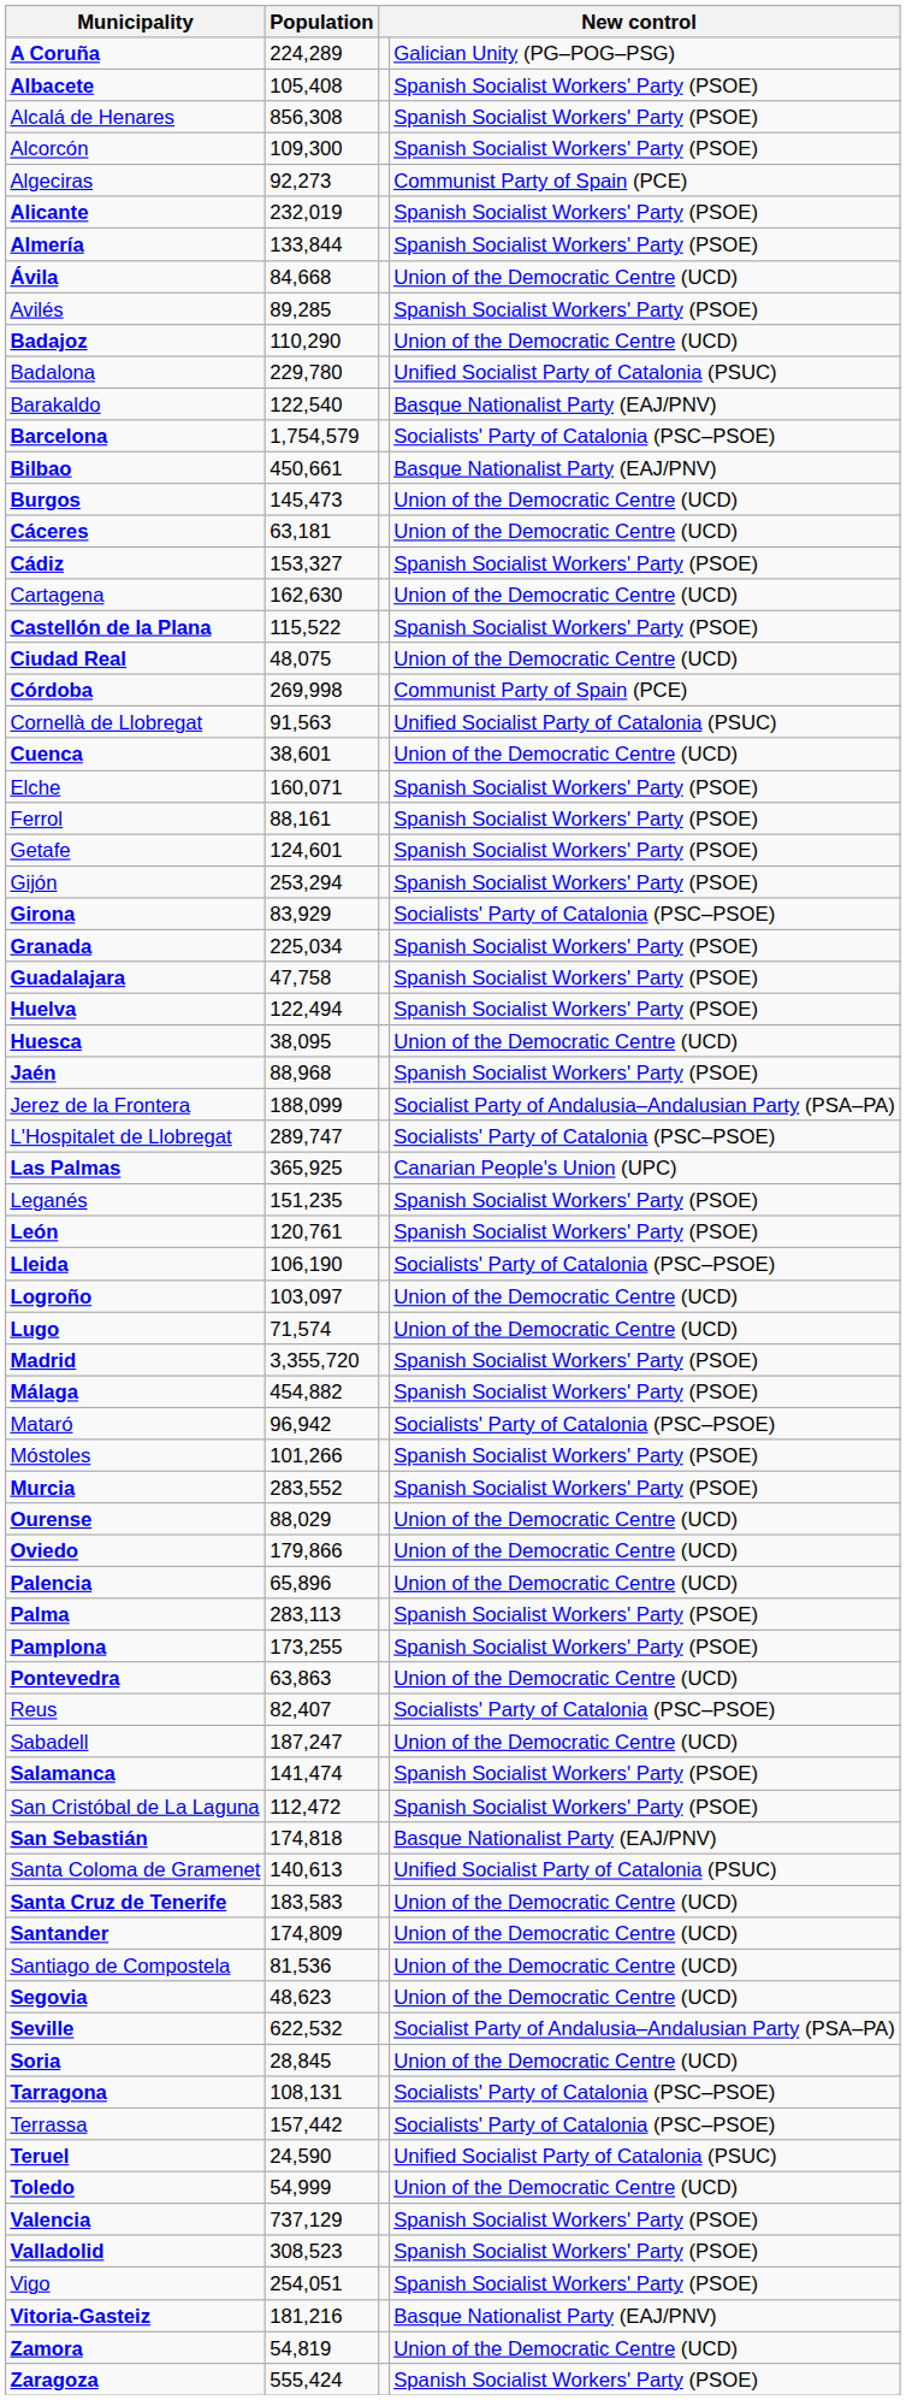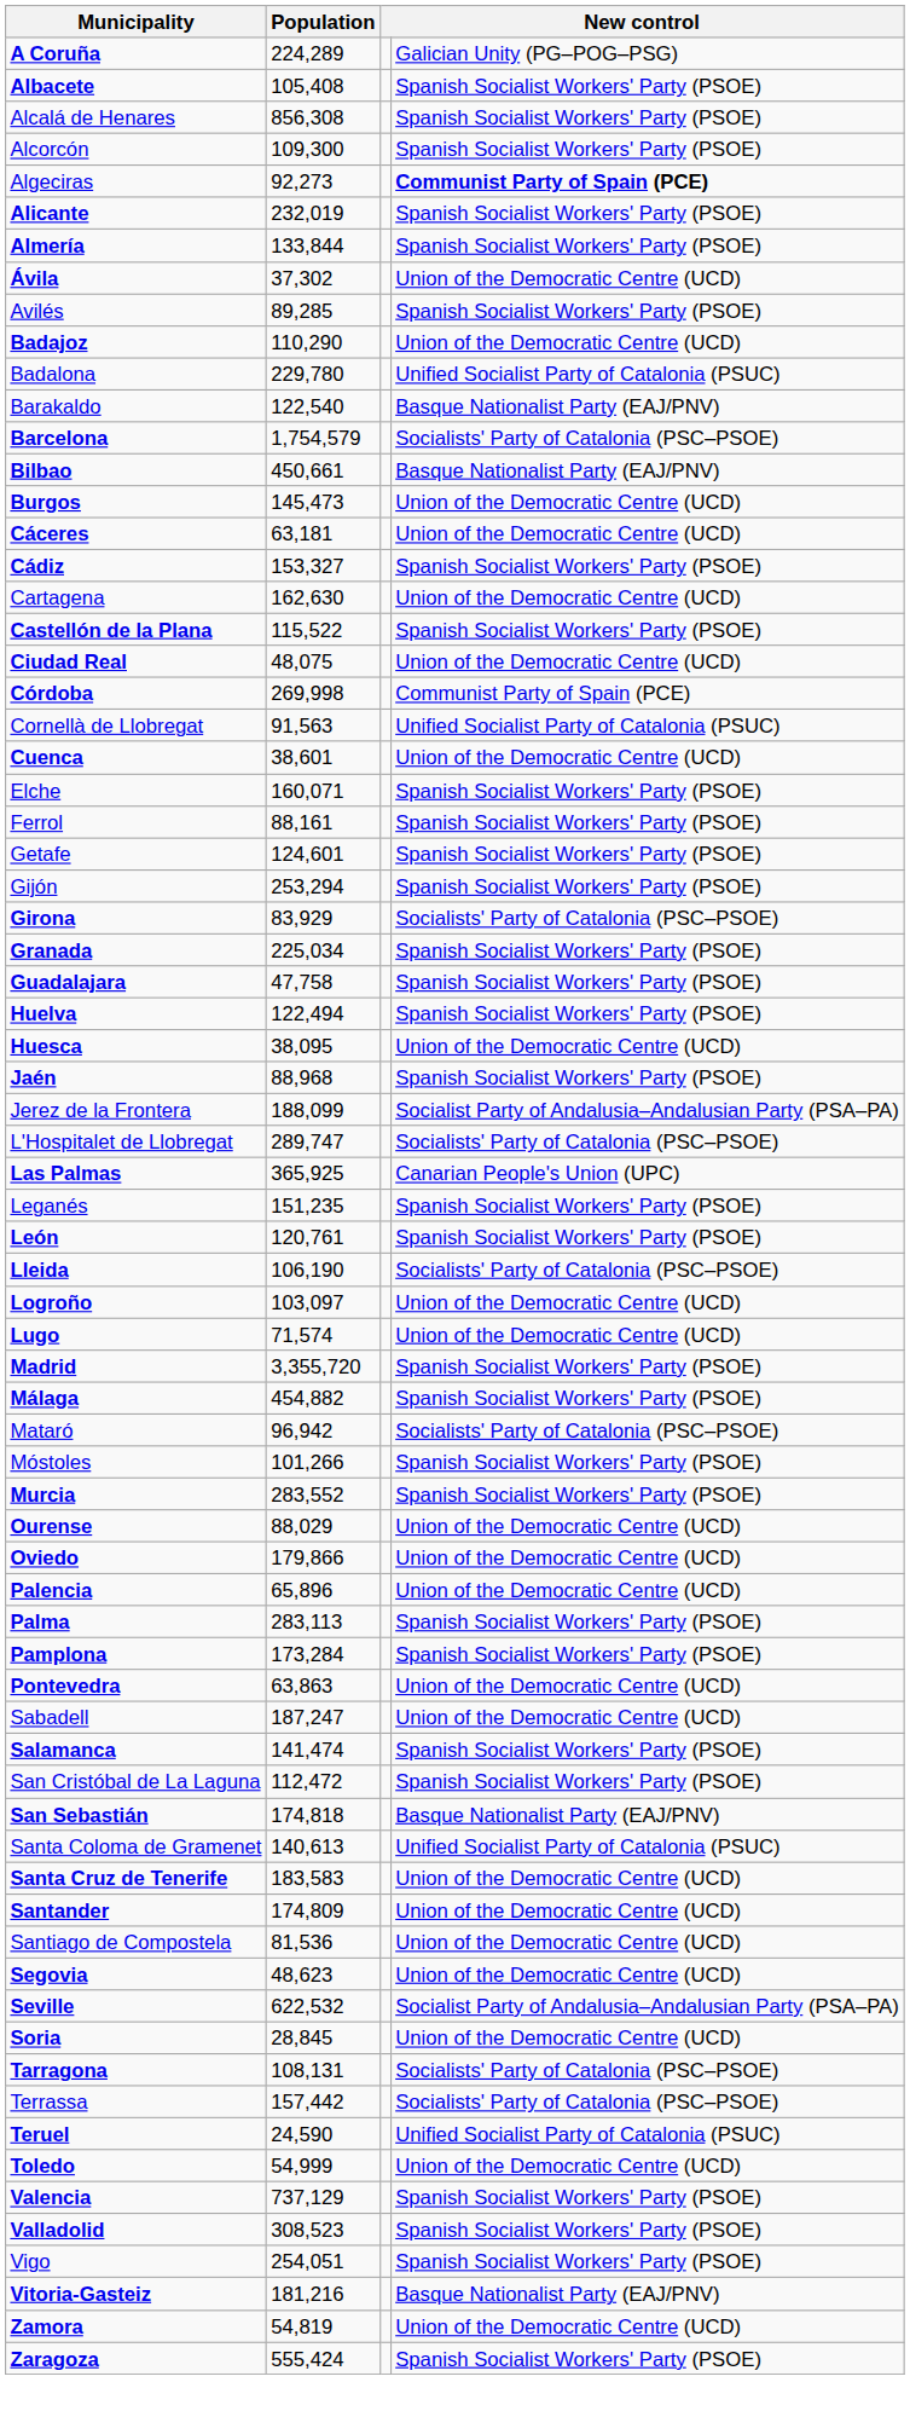 <table class="wikitable sortable" style="font-size:95%;">
 <tr>
 <th>Municipality</th>
 <th>Population</th>
 <th colspan="2" style="width:375px;">New control</th>
 </tr>
 <tr>
 <td><strong><a href='#'>A Coruña</a></strong></td>
 <td>224,289</td>
 <td width="1" style="color:inherit;background:"></td>
 <td><a href='#'>Galician Unity</a> (PG–POG–PSG) </td>
 </tr>
 <tr>
 <td><strong><a href='#'>Albacete</a></strong></td>
 <td>105,408</td>
 <td style="color:inherit;background:"></td>
 <td><a href='#'>Spanish Socialist Workers' Party</a> (PSOE)</td>
 </tr>
 <tr>
 <td><a href='#'>Alcalá de Henares</a></td>
 <td>856,308</td>
 <td style="color:inherit;background:"></td>
 <td><a href='#'>Spanish Socialist Workers' Party</a> (PSOE)</td>
 </tr>
 <tr>
 <td><a href='#'>Alcorcón</a></td>
 <td>109,300</td>
 <td style="color:inherit;background:"></td>
 <td><a href='#'>Spanish Socialist Workers' Party</a> (PSOE)</td>
 </tr>
 <tr>
 <td><a href='#'>Algeciras</a></td>
 <td>92,273</td>
 <td style="color:inherit;background:"></td>
-<td><a href='#'>Communist Party of Spain</a> (PCE)</td>
+<td><strong><a href='#'>Communist Party of Spain</a> (PCE)</strong></td>
 </tr>
 <tr>
 <td><strong><a href='#'>Alicante</a></strong></td>
 <td>232,019</td>
 <td style="color:inherit;background:"></td>
 <td><a href='#'>Spanish Socialist Workers' Party</a> (PSOE)</td>
 </tr>
 <tr>
 <td><strong><a href='#'>Almería</a></strong></td>
 <td>133,844</td>
 <td style="color:inherit;background:"></td>
 <td><a href='#'>Spanish Socialist Workers' Party</a> (PSOE)</td>
 </tr>
 <tr>
 <td><strong><a href='#'>Ávila</a></strong></td>
-<td>84,668</td>
+<td>37,302</td>
 <td style="color:inherit;background:"></td>
 <td><a href='#'>Union of the Democratic Centre</a> (UCD)</td>
 </tr>
 <tr>
 <td><a href='#'>Avilés</a></td>
 <td>89,285</td>
 <td style="color:inherit;background:"></td>
 <td><a href='#'>Spanish Socialist Workers' Party</a> (PSOE)</td>
 </tr>
 <tr>
 <td><strong><a href='#'>Badajoz</a></strong></td>
 <td>110,290</td>
 <td style="color:inherit;background:"></td>
 <td><a href='#'>Union of the Democratic Centre</a> (UCD)</td>
 </tr>
 <tr>
 <td><a href='#'>Badalona</a></td>
 <td>229,780</td>
 <td style="color:inherit;background:"></td>
 <td><a href='#'>Unified Socialist Party of Catalonia</a> (PSUC)</td>
 </tr>
 <tr>
 <td><a href='#'>Barakaldo</a></td>
 <td>122,540</td>
 <td style="color:inherit;background:"></td>
 <td><a href='#'>Basque Nationalist Party</a> (EAJ/PNV)</td>
 </tr>
 <tr>
 <td><strong><a href='#'>Barcelona</a></strong></td>
 <td>1,754,579</td>
 <td style="color:inherit;background:"></td>
 <td><a href='#'>Socialists' Party of Catalonia</a> (PSC–PSOE)</td>
 </tr>
 <tr>
 <td><strong><a href='#'>Bilbao</a></strong></td>
 <td>450,661</td>
 <td style="color:inherit;background:"></td>
 <td><a href='#'>Basque Nationalist Party</a> (EAJ/PNV)</td>
 </tr>
 <tr>
 <td><strong><a href='#'>Burgos</a></strong></td>
 <td>145,473</td>
 <td style="color:inherit;background:"></td>
 <td><a href='#'>Union of the Democratic Centre</a> (UCD)</td>
 </tr>
 <tr>
 <td><strong><a href='#'>Cáceres</a></strong></td>
 <td>63,181</td>
 <td style="color:inherit;background:"></td>
 <td><a href='#'>Union of the Democratic Centre</a> (UCD)</td>
 </tr>
 <tr>
 <td><strong><a href='#'>Cádiz</a></strong></td>
 <td>153,327</td>
 <td style="color:inherit;background:"></td>
 <td><a href='#'>Spanish Socialist Workers' Party</a> (PSOE)</td>
 </tr>
 <tr>
 <td><a href='#'>Cartagena</a></td>
 <td>162,630</td>
 <td style="color:inherit;background:"></td>
 <td><a href='#'>Union of the Democratic Centre</a> (UCD)</td>
 </tr>
 <tr>
 <td><strong><a href='#'>Castellón de la Plana</a></strong></td>
 <td>115,522</td>
 <td style="color:inherit;background:"></td>
 <td><a href='#'>Spanish Socialist Workers' Party</a> (PSOE)</td>
 </tr>
 <tr>
 <td><strong><a href='#'>Ciudad Real</a></strong></td>
 <td>48,075</td>
 <td style="color:inherit;background:"></td>
 <td><a href='#'>Union of the Democratic Centre</a> (UCD)</td>
 </tr>
 <tr>
 <td><strong><a href='#'>Córdoba</a></strong></td>
 <td>269,998</td>
 <td style="color:inherit;background:"></td>
 <td><a href='#'>Communist Party of Spain</a> (PCE)</td>
 </tr>
 <tr>
 <td><a href='#'>Cornellà de Llobregat</a></td>
 <td>91,563</td>
 <td style="color:inherit;background:"></td>
 <td><a href='#'>Unified Socialist Party of Catalonia</a> (PSUC)</td>
 </tr>
 <tr>
 <td><strong><a href='#'>Cuenca</a></strong></td>
 <td>38,601</td>
 <td style="color:inherit;background:"></td>
 <td><a href='#'>Union of the Democratic Centre</a> (UCD)</td>
 </tr>
 <tr>
 <td><a href='#'>Elche</a></td>
 <td>160,071</td>
 <td style="color:inherit;background:"></td>
 <td><a href='#'>Spanish Socialist Workers' Party</a> (PSOE)</td>
 </tr>
 <tr>
 <td><a href='#'>Ferrol</a></td>
 <td>88,161</td>
 <td style="color:inherit;background:"></td>
 <td><a href='#'>Spanish Socialist Workers' Party</a> (PSOE)</td>
 </tr>
 <tr>
 <td><a href='#'>Getafe</a></td>
 <td>124,601</td>
 <td style="color:inherit;background:"></td>
 <td><a href='#'>Spanish Socialist Workers' Party</a> (PSOE)</td>
 </tr>
 <tr>
 <td><a href='#'>Gijón</a></td>
 <td>253,294</td>
 <td style="color:inherit;background:"></td>
 <td><a href='#'>Spanish Socialist Workers' Party</a> (PSOE)</td>
 </tr>
 <tr>
 <td><strong><a href='#'>Girona</a></strong></td>
 <td>83,929</td>
 <td style="color:inherit;background:"></td>
 <td><a href='#'>Socialists' Party of Catalonia</a> (PSC–PSOE)</td>
 </tr>
 <tr>
 <td><strong><a href='#'>Granada</a></strong></td>
 <td>225,034</td>
 <td style="color:inherit;background:"></td>
 <td><a href='#'>Spanish Socialist Workers' Party</a> (PSOE)</td>
 </tr>
 <tr>
 <td><strong><a href='#'>Guadalajara</a></strong></td>
 <td>47,758</td>
 <td style="color:inherit;background:"></td>
 <td><a href='#'>Spanish Socialist Workers' Party</a> (PSOE)</td>
 </tr>
 <tr>
 <td><strong><a href='#'>Huelva</a></strong></td>
 <td>122,494</td>
 <td style="color:inherit;background:"></td>
 <td><a href='#'>Spanish Socialist Workers' Party</a> (PSOE)</td>
 </tr>
 <tr>
 <td><strong><a href='#'>Huesca</a></strong></td>
 <td>38,095</td>
 <td style="color:inherit;background:"></td>
 <td><a href='#'>Union of the Democratic Centre</a> (UCD)</td>
 </tr>
 <tr>
 <td><strong><a href='#'>Jaén</a></strong></td>
 <td>88,968</td>
 <td style="color:inherit;background:"></td>
 <td><a href='#'>Spanish Socialist Workers' Party</a> (PSOE)</td>
 </tr>
 <tr>
 <td><a href='#'>Jerez de la Frontera</a></td>
 <td>188,099</td>
 <td style="color:inherit;background:"></td>
 <td><a href='#'>Socialist Party of Andalusia–Andalusian Party</a> (PSA–PA)</td>
 </tr>
 <tr>
 <td><a href='#'>L'Hospitalet de Llobregat</a></td>
 <td>289,747</td>
 <td style="color:inherit;background:"></td>
 <td><a href='#'>Socialists' Party of Catalonia</a> (PSC–PSOE)</td>
 </tr>
 <tr>
 <td><strong><a href='#'>Las Palmas</a></strong></td>
 <td>365,925</td>
 <td style="color:inherit;background:"></td>
 <td><a href='#'>Canarian People's Union</a> (UPC) </td>
 </tr>
 <tr>
 <td><a href='#'>Leganés</a></td>
 <td>151,235</td>
 <td style="color:inherit;background:"></td>
 <td><a href='#'>Spanish Socialist Workers' Party</a> (PSOE)</td>
 </tr>
 <tr>
 <td><strong><a href='#'>León</a></strong></td>
 <td>120,761</td>
 <td style="color:inherit;background:"></td>
 <td><a href='#'>Spanish Socialist Workers' Party</a> (PSOE) </td>
 </tr>
 <tr>
 <td><strong><a href='#'>Lleida</a></strong></td>
 <td>106,190</td>
 <td style="color:inherit;background:"></td>
 <td><a href='#'>Socialists' Party of Catalonia</a> (PSC–PSOE)</td>
 </tr>
 <tr>
 <td><strong><a href='#'>Logroño</a></strong></td>
 <td>103,097</td>
 <td style="color:inherit;background:"></td>
 <td><a href='#'>Union of the Democratic Centre</a> (UCD)</td>
 </tr>
 <tr>
 <td><strong><a href='#'>Lugo</a></strong></td>
 <td>71,574</td>
 <td style="color:inherit;background:"></td>
 <td><a href='#'>Union of the Democratic Centre</a> (UCD)</td>
 </tr>
 <tr>
 <td><strong><a href='#'>Madrid</a></strong></td>
 <td>3,355,720</td>
 <td style="color:inherit;background:"></td>
 <td><a href='#'>Spanish Socialist Workers' Party</a> (PSOE)</td>
 </tr>
 <tr>
 <td><strong><a href='#'>Málaga</a></strong></td>
 <td>454,882</td>
 <td style="color:inherit;background:"></td>
 <td><a href='#'>Spanish Socialist Workers' Party</a> (PSOE)</td>
 </tr>
 <tr>
 <td><a href='#'>Mataró</a></td>
 <td>96,942</td>
 <td style="color:inherit;background:"></td>
 <td><a href='#'>Socialists' Party of Catalonia</a> (PSC–PSOE)</td>
 </tr>
 <tr>
 <td><a href='#'>Móstoles</a></td>
 <td>101,266</td>
 <td style="color:inherit;background:"></td>
 <td><a href='#'>Spanish Socialist Workers' Party</a> (PSOE)</td>
 </tr>
 <tr>
 <td><strong><a href='#'>Murcia</a></strong></td>
 <td>283,552</td>
 <td style="color:inherit;background:"></td>
 <td><a href='#'>Spanish Socialist Workers' Party</a> (PSOE)</td>
 </tr>
 <tr>
 <td><strong><a href='#'>Ourense</a></strong></td>
 <td>88,029</td>
 <td style="color:inherit;background:"></td>
 <td><a href='#'>Union of the Democratic Centre</a> (UCD)</td>
 </tr>
 <tr>
 <td><strong><a href='#'>Oviedo</a></strong></td>
 <td>179,866</td>
 <td style="color:inherit;background:"></td>
 <td><a href='#'>Union of the Democratic Centre</a> (UCD)</td>
 </tr>
 <tr>
 <td><strong><a href='#'>Palencia</a></strong></td>
 <td>65,896</td>
 <td style="color:inherit;background:"></td>
 <td><a href='#'>Union of the Democratic Centre</a> (UCD)</td>
 </tr>
 <tr>
 <td><strong><a href='#'>Palma</a></strong></td>
 <td>283,113</td>
 <td style="color:inherit;background:"></td>
 <td><a href='#'>Spanish Socialist Workers' Party</a> (PSOE)</td>
 </tr>
 <tr>
 <td><strong><a href='#'>Pamplona</a></strong></td>
-<td>173,255</td>
+<td>173,284</td>
 <td style="color:inherit;background:"></td>
 <td><a href='#'>Spanish Socialist Workers' Party</a> (PSOE)</td>
 </tr>
 <tr>
 <td><strong><a href='#'>Pontevedra</a></strong></td>
 <td>63,863</td>
 <td style="color:inherit;background:"></td>
 <td><a href='#'>Union of the Democratic Centre</a> (UCD)</td>
-</tr>
-<tr>
-<td><a href='#'>Reus</a></td>
-<td>82,407</td>
-<td style="color:inherit;background:"></td>
-<td><a href='#'>Socialists' Party of Catalonia</a> (PSC–PSOE)</td>
 </tr>
 <tr>
 <td><a href='#'>Sabadell</a></td>
 <td>187,247</td>
 <td style="color:inherit;background:"></td>
 <td><a href='#'>Union of the Democratic Centre</a> (UCD)</td>
 </tr>
 <tr>
 <td><strong><a href='#'>Salamanca</a></strong></td>
 <td>141,474</td>
 <td style="color:inherit;background:"></td>
 <td><a href='#'>Spanish Socialist Workers' Party</a> (PSOE)</td>
 </tr>
 <tr>
 <td><a href='#'>San Cristóbal de La Laguna</a></td>
 <td>112,472</td>
 <td style="color:inherit;background:"></td>
 <td><a href='#'>Spanish Socialist Workers' Party</a> (PSOE)</td>
 </tr>
 <tr>
 <td><strong><a href='#'>San Sebastián</a></strong></td>
 <td>174,818</td>
 <td style="color:inherit;background:"></td>
 <td><a href='#'>Basque Nationalist Party</a> (EAJ/PNV)</td>
 </tr>
 <tr>
 <td><a href='#'>Santa Coloma de Gramenet</a></td>
 <td>140,613</td>
 <td style="color:inherit;background:"></td>
 <td><a href='#'>Unified Socialist Party of Catalonia</a> (PSUC)</td>
 </tr>
 <tr>
 <td><strong><a href='#'>Santa Cruz de Tenerife</a></strong></td>
 <td>183,583</td>
 <td style="color:inherit;background:"></td>
 <td><a href='#'>Union of the Democratic Centre</a> (UCD)</td>
 </tr>
 <tr>
 <td><strong><a href='#'>Santander</a></strong></td>
 <td>174,809</td>
 <td style="color:inherit;background:"></td>
 <td><a href='#'>Union of the Democratic Centre</a> (UCD)</td>
 </tr>
 <tr>
 <td><a href='#'>Santiago de Compostela</a></td>
 <td>81,536</td>
 <td style="color:inherit;background:"></td>
 <td><a href='#'>Union of the Democratic Centre</a> (UCD) </td>
 </tr>
 <tr>
 <td><strong><a href='#'>Segovia</a></strong></td>
 <td>48,623</td>
 <td style="color:inherit;background:"></td>
 <td><a href='#'>Union of the Democratic Centre</a> (UCD)</td>
 </tr>
 <tr>
 <td><strong><a href='#'>Seville</a></strong></td>
 <td>622,532</td>
 <td style="color:inherit;background:"></td>
 <td><a href='#'>Socialist Party of Andalusia–Andalusian Party</a> (PSA–PA)</td>
 </tr>
 <tr>
 <td><strong><a href='#'>Soria</a></strong></td>
 <td>28,845</td>
 <td style="color:inherit;background:"></td>
 <td><a href='#'>Union of the Democratic Centre</a> (UCD)</td>
 </tr>
 <tr>
 <td><strong><a href='#'>Tarragona</a></strong></td>
 <td>108,131</td>
 <td style="color:inherit;background:"></td>
 <td><a href='#'>Socialists' Party of Catalonia</a> (PSC–PSOE)</td>
 </tr>
 <tr>
 <td><a href='#'>Terrassa</a></td>
 <td>157,442</td>
 <td style="color:inherit;background:"></td>
 <td><a href='#'>Socialists' Party of Catalonia</a> (PSC–PSOE)</td>
 </tr>
 <tr>
 <td><strong><a href='#'>Teruel</a></strong></td>
 <td>24,590</td>
 <td style="color:inherit;background:"></td>
 <td><a href='#'>Unified Socialist Party of Catalonia</a> (PSUC)</td>
 </tr>
 <tr>
 <td><strong><a href='#'>Toledo</a></strong></td>
 <td>54,999</td>
 <td style="color:inherit;background:"></td>
 <td><a href='#'>Union of the Democratic Centre</a> (UCD)</td>
 </tr>
 <tr>
 <td><strong><a href='#'>Valencia</a></strong></td>
 <td>737,129</td>
 <td style="color:inherit;background:"></td>
 <td><a href='#'>Spanish Socialist Workers' Party</a> (PSOE)</td>
 </tr>
 <tr>
 <td><strong><a href='#'>Valladolid</a></strong></td>
 <td>308,523</td>
 <td style="color:inherit;background:"></td>
 <td><a href='#'>Spanish Socialist Workers' Party</a> (PSOE)</td>
 </tr>
 <tr>
 <td><a href='#'>Vigo</a></td>
 <td>254,051</td>
 <td style="color:inherit;background:"></td>
 <td><a href='#'>Spanish Socialist Workers' Party</a> (PSOE)</td>
 </tr>
 <tr>
 <td><strong><a href='#'>Vitoria-Gasteiz</a></strong></td>
 <td>181,216</td>
 <td style="color:inherit;background:"></td>
 <td><a href='#'>Basque Nationalist Party</a> (EAJ/PNV)</td>
 </tr>
 <tr>
 <td><strong><a href='#'>Zamora</a></strong></td>
 <td>54,819</td>
 <td style="color:inherit;background:"></td>
 <td><a href='#'>Union of the Democratic Centre</a> (UCD)</td>
 </tr>
 <tr>
 <td><strong><a href='#'>Zaragoza</a></strong></td>
 <td>555,424</td>
 <td style="color:inherit;background:"></td>
 <td><a href='#'>Spanish Socialist Workers' Party</a> (PSOE)</td>
 </tr>
 </table>
